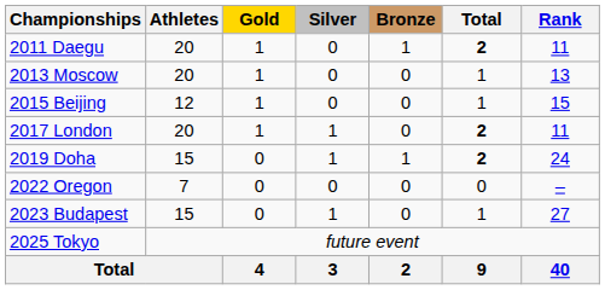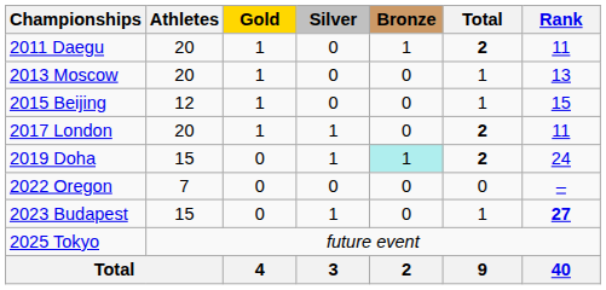 <table class="wikitable" style="text-align:center; font-size:90%;">
 <tr>
 <th>Championships</th>
 <th>Athletes</th>
 <td style="background:gold; width:3.7em; font-weight:bold;">Gold</td>
 <td style="background:silver; width:3.7em; font-weight:bold;">Silver</td>
 <td style="background:#cc9966; width:3.7em; font-weight:bold;">Bronze</td>
 <th style="width:4em; font-weight:bold;">Total</th>
 <th style="width:4em; font-weight:bold;"><a href='#'>Rank</a></th>
 </tr>
 <tr>
 <td align=left> <a href='#'>2011 Daegu</a></td>
 <td>20</td>
 <td>1</td>
 <td>0</td>
 <td>1</td>
 <td><strong>2</strong></td>
 <td><a href='#'>11</a></td>
 </tr>
 <tr>
 <td align=left> <a href='#'>2013 Moscow</a></td>
 <td>20</td>
 <td>1</td>
 <td>0</td>
 <td>0</td>
 <td>1</td>
 <td><a href='#'>13</a></td>
 </tr>
 <tr>
 <td align=left> <a href='#'>2015 Beijing</a></td>
 <td>12</td>
 <td>1</td>
 <td>0</td>
 <td>0</td>
 <td>1</td>
 <td><a href='#'>15</a></td>
 </tr>
 <tr>
 <td align=left> <a href='#'>2017 London</a></td>
 <td>20</td>
 <td>1</td>
 <td>1</td>
 <td>0</td>
 <td><strong>2</strong></td>
 <td><a href='#'>11</a></td>
 </tr>
 <tr>
 <td align=left> <a href='#'>2019 Doha</a></td>
 <td>15</td>
 <td>0</td>
 <td>1</td>
-<td>1</td>
+<td style="background: paleturquoise;">1</td>
 <td><strong>2</strong></td>
 <td><a href='#'>24</a></td>
 </tr>
 <tr>
 <td align=left> <a href='#'>2022 Oregon</a></td>
 <td>7</td>
 <td>0</td>
 <td>0</td>
 <td>0</td>
 <td>0</td>
 <td><a href='#'>–</a></td>
 </tr>
 <tr>
 <td align=left> <a href='#'>2023 Budapest</a></td>
 <td>15</td>
 <td>0</td>
 <td>1</td>
 <td>0</td>
 <td>1</td>
-<td><a href='#'>27</a></td>
+<td><strong><a href='#'>27</a></strong></td>
 </tr>
 <tr>
 <td align=left> <a href='#'>2025 Tokyo</a></td>
 <td colspan=7; rowspan=1><em>future event</em></td>
 </tr>
 <tr>
 <th colspan=2>Total</th>
 <th>4</th>
 <th>3</th>
 <th>2</th>
 <th>9</th>
 <th><a href='#'>40</a></th>
 </tr>
 </table>
